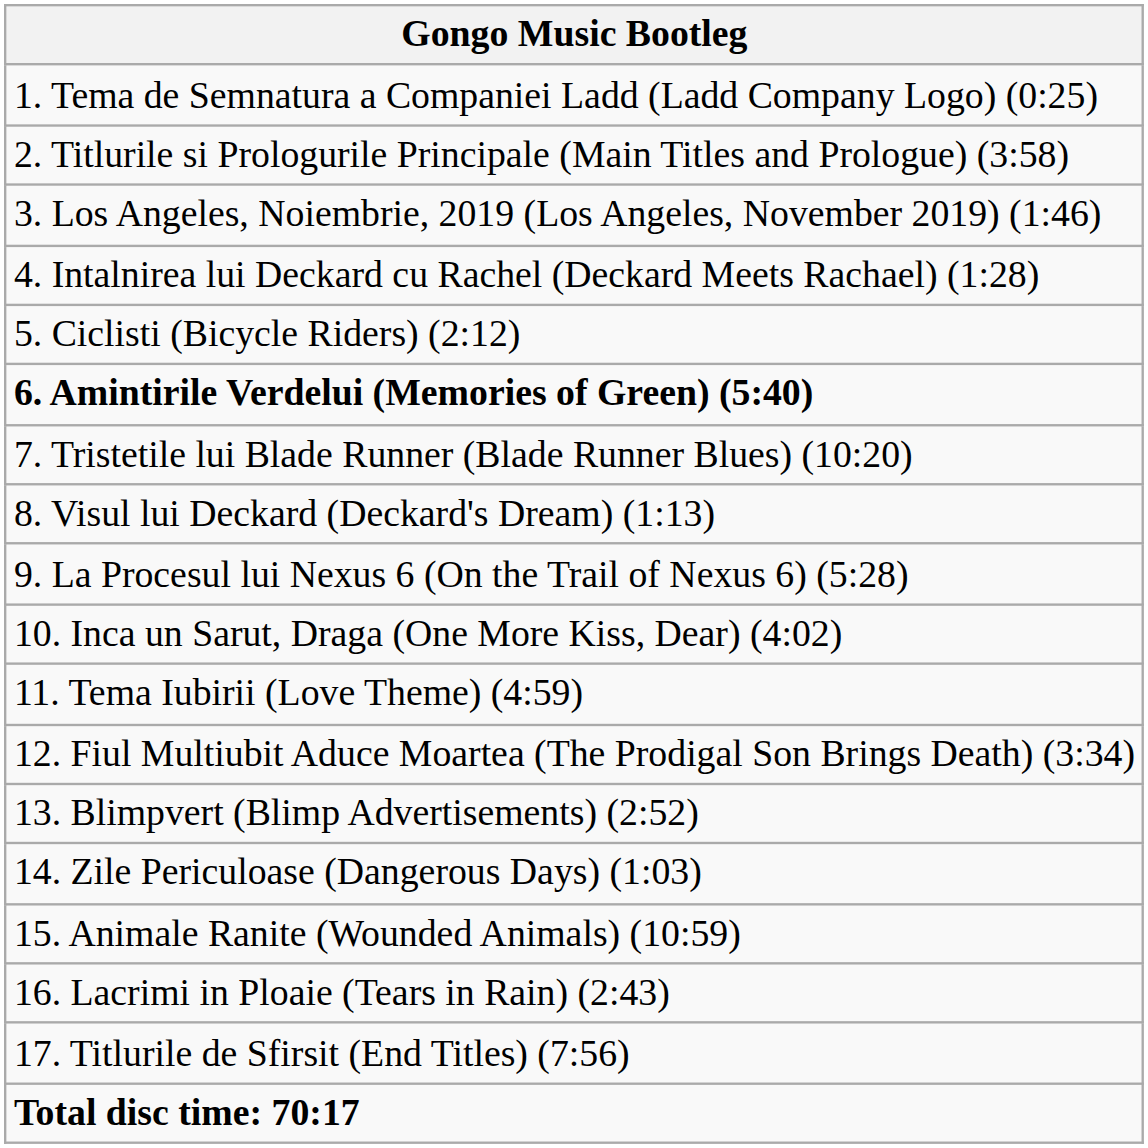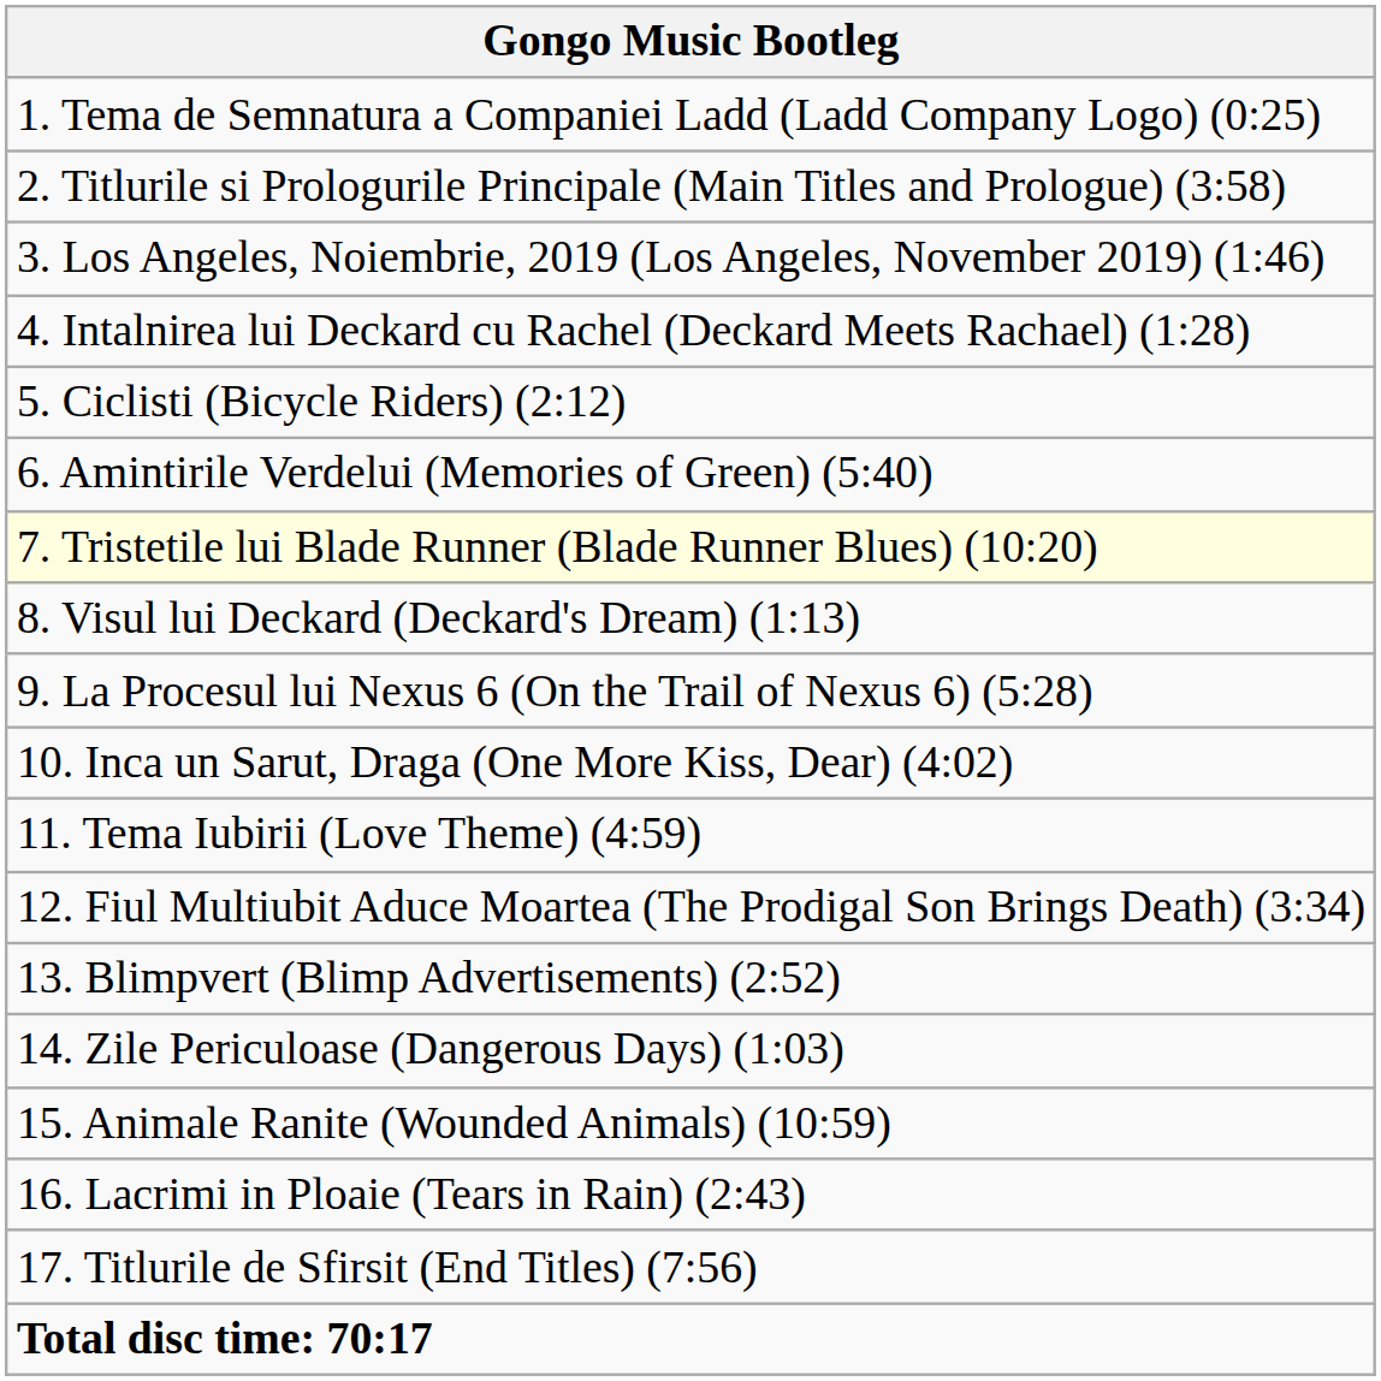 <table class="wikitable">
 <tr>
 <th>Gongo Music Bootleg</th>
 </tr>
 <tr>
 <td>1. Tema de Semnatura a Companiei Ladd (Ladd Company Logo) (0:25)</td>
 </tr>
 <tr>
 <td>2. Titlurile si Prologurile Principale (Main Titles and Prologue) (3:58)</td>
 </tr>
 <tr>
 <td>3. Los Angeles, Noiembrie, 2019 (Los Angeles, November 2019) (1:46)</td>
 </tr>
 <tr>
 <td>4. Intalnirea lui Deckard cu Rachel (Deckard Meets Rachael) (1:28)</td>
 </tr>
 <tr>
 <td>5. Ciclisti (Bicycle Riders) (2:12)</td>
 </tr>
 <tr>
-<td><strong>6. Amintirile Verdelui (Memories of Green) (5:40)</strong></td>
+<td>6. Amintirile Verdelui (Memories of Green) (5:40)</td>
 </tr>
 <tr>
-<td>7. Tristetile lui Blade Runner (Blade Runner Blues) (10:20)</td>
+<td style="background: lightyellow;">7. Tristetile lui Blade Runner (Blade Runner Blues) (10:20)</td>
 </tr>
 <tr>
 <td>8. Visul lui Deckard (Deckard's Dream) (1:13)</td>
 </tr>
 <tr>
 <td>9. La Procesul lui Nexus 6 (On the Trail of Nexus 6) (5:28)</td>
 </tr>
 <tr>
 <td>10. Inca un Sarut, Draga (One More Kiss, Dear) (4:02)</td>
 </tr>
 <tr>
 <td>11. Tema Iubirii (Love Theme) (4:59)</td>
 </tr>
 <tr>
 <td>12. Fiul Multiubit Aduce Moartea (The Prodigal Son Brings Death) (3:34)</td>
 </tr>
 <tr>
 <td>13. Blimpvert (Blimp Advertisements) (2:52)</td>
 </tr>
 <tr>
 <td>14. Zile Periculoase (Dangerous Days) (1:03)</td>
 </tr>
 <tr>
 <td>15. Animale Ranite (Wounded Animals) (10:59)</td>
 </tr>
 <tr>
 <td>16. Lacrimi in Ploaie (Tears in Rain) (2:43)</td>
 </tr>
 <tr>
 <td>17. Titlurile de Sfirsit (End Titles) (7:56)</td>
 </tr>
 <tr>
 <td><strong>Total disc time: 70:17</strong></td>
 </tr>
 </table>
